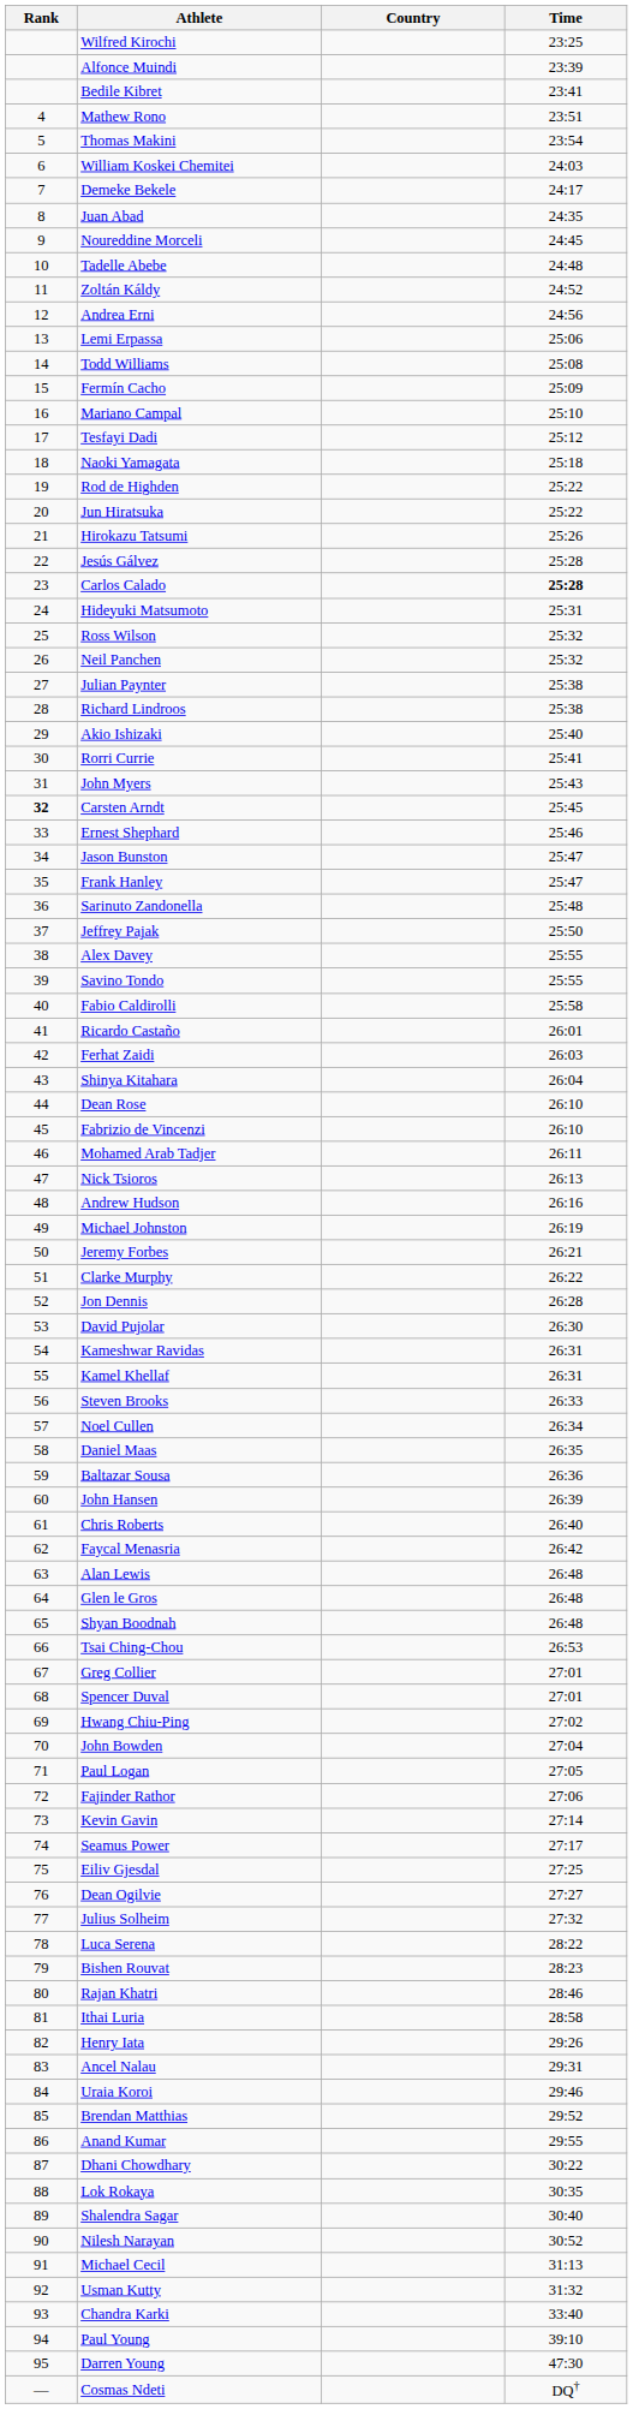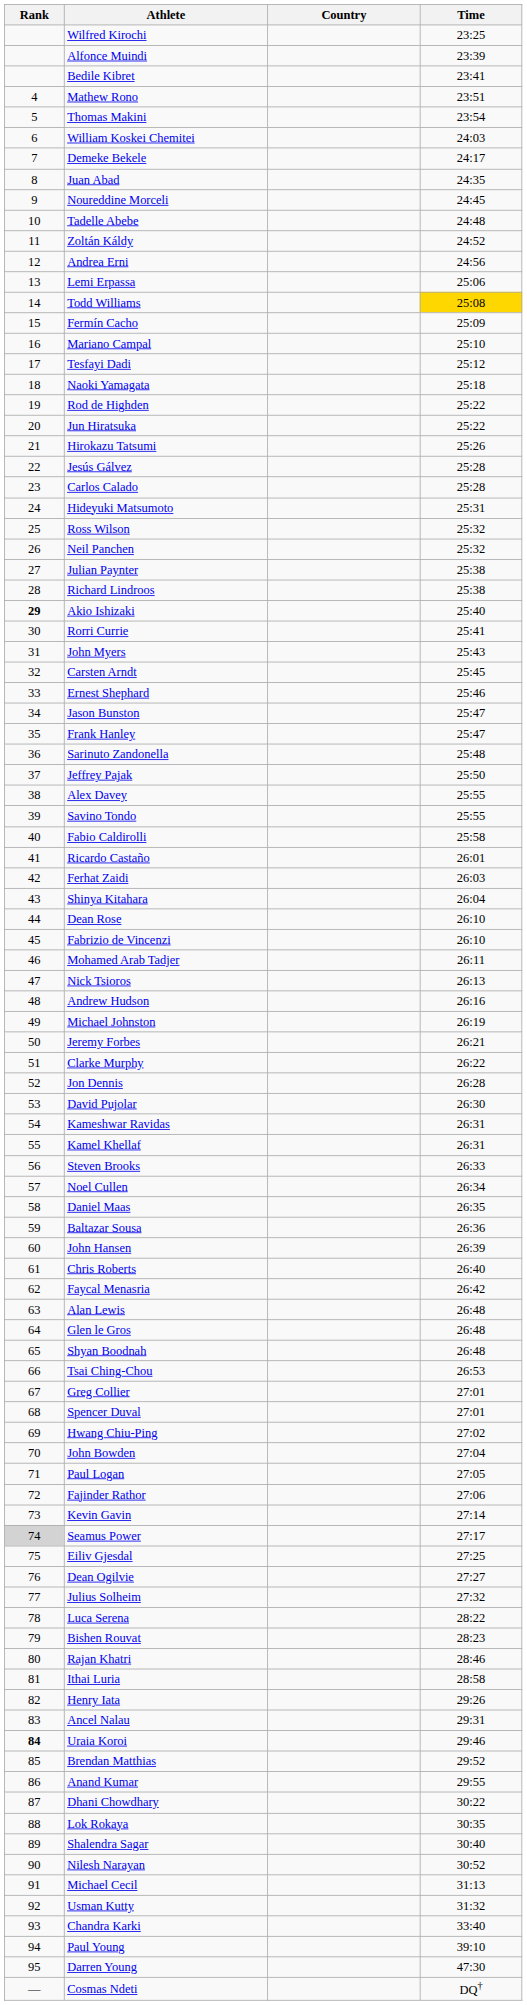 <table class="wikitable sortable" style=" text-align:center; font-size:95%;" width="50%">
 <tr>
 <th width=5%>Rank</th>
 <th width=20%>Athlete</th>
 <th width=15%>Country</th>
 <th width=10%>Time</th>
 </tr>
 <tr>
 <td align=center></td>
 <td align=left><a href='#'>Wilfred Kirochi</a></td>
 <td align=left></td>
 <td>23:25</td>
 </tr>
 <tr>
 <td align=center></td>
 <td align=left><a href='#'>Alfonce Muindi</a></td>
 <td align=left></td>
 <td>23:39</td>
 </tr>
 <tr>
 <td align=center></td>
 <td align=left><a href='#'>Bedile Kibret</a></td>
 <td align=left></td>
 <td>23:41</td>
 </tr>
 <tr>
 <td align=center>4</td>
 <td align=left><a href='#'>Mathew Rono</a></td>
 <td align=left></td>
 <td>23:51</td>
 </tr>
 <tr>
 <td align=center>5</td>
 <td align=left><a href='#'>Thomas Makini</a></td>
 <td align=left></td>
 <td>23:54</td>
 </tr>
 <tr>
 <td align=center>6</td>
 <td align=left><a href='#'>William Koskei Chemitei</a></td>
 <td align=left></td>
 <td>24:03</td>
 </tr>
 <tr>
 <td align=center>7</td>
 <td align=left><a href='#'>Demeke Bekele</a></td>
 <td align=left></td>
 <td>24:17</td>
 </tr>
 <tr>
 <td align=center>8</td>
 <td align=left><a href='#'>Juan Abad</a></td>
 <td align=left></td>
 <td>24:35</td>
 </tr>
 <tr>
 <td align=center>9</td>
 <td align=left><a href='#'>Noureddine Morceli</a></td>
 <td align=left></td>
 <td>24:45</td>
 </tr>
 <tr>
 <td align=center>10</td>
 <td align=left><a href='#'>Tadelle Abebe</a></td>
 <td align=left></td>
 <td>24:48</td>
 </tr>
 <tr>
 <td align=center>11</td>
 <td align=left><a href='#'>Zoltán Káldy</a></td>
 <td align=left></td>
 <td>24:52</td>
 </tr>
 <tr>
 <td align=center>12</td>
 <td align=left><a href='#'>Andrea Erni</a></td>
 <td align=left></td>
 <td>24:56</td>
 </tr>
 <tr>
 <td align=center>13</td>
 <td align=left><a href='#'>Lemi Erpassa</a></td>
 <td align=left></td>
 <td>25:06</td>
 </tr>
 <tr>
 <td align=center>14</td>
 <td align=left><a href='#'>Todd Williams</a></td>
 <td align=left></td>
-<td>25:08</td>
+<td style="background: gold;">25:08</td>
 </tr>
 <tr>
 <td align=center>15</td>
 <td align=left><a href='#'>Fermín Cacho</a></td>
 <td align=left></td>
 <td>25:09</td>
 </tr>
 <tr>
 <td align=center>16</td>
 <td align=left><a href='#'>Mariano Campal</a></td>
 <td align=left></td>
 <td>25:10</td>
 </tr>
 <tr>
 <td align=center>17</td>
 <td align=left><a href='#'>Tesfayi Dadi</a></td>
 <td align=left></td>
 <td>25:12</td>
 </tr>
 <tr>
 <td align=center>18</td>
 <td align=left><a href='#'>Naoki Yamagata</a></td>
 <td align=left></td>
 <td>25:18</td>
 </tr>
 <tr>
 <td align=center>19</td>
 <td align=left><a href='#'>Rod de Highden</a></td>
 <td align=left></td>
 <td>25:22</td>
 </tr>
 <tr>
 <td align=center>20</td>
 <td align=left><a href='#'>Jun Hiratsuka</a></td>
 <td align=left></td>
 <td>25:22</td>
 </tr>
 <tr>
 <td align=center>21</td>
 <td align=left><a href='#'>Hirokazu Tatsumi</a></td>
 <td align=left></td>
 <td>25:26</td>
 </tr>
 <tr>
 <td align=center>22</td>
 <td align=left><a href='#'>Jesús Gálvez</a></td>
 <td align=left></td>
 <td>25:28</td>
 </tr>
 <tr>
 <td align=center>23</td>
 <td align=left><a href='#'>Carlos Calado</a></td>
 <td align=left></td>
-<td><strong>25:28</strong></td>
+<td>25:28</td>
 </tr>
 <tr>
 <td align=center>24</td>
 <td align=left><a href='#'>Hideyuki Matsumoto</a></td>
 <td align=left></td>
 <td>25:31</td>
 </tr>
 <tr>
 <td align=center>25</td>
 <td align=left><a href='#'>Ross Wilson</a></td>
 <td align=left></td>
 <td>25:32</td>
 </tr>
 <tr>
 <td align=center>26</td>
 <td align=left><a href='#'>Neil Panchen</a></td>
 <td align=left></td>
 <td>25:32</td>
 </tr>
 <tr>
 <td align=center>27</td>
 <td align=left><a href='#'>Julian Paynter</a></td>
 <td align=left></td>
 <td>25:38</td>
 </tr>
 <tr>
 <td align=center>28</td>
 <td align=left><a href='#'>Richard Lindroos</a></td>
 <td align=left></td>
 <td>25:38</td>
 </tr>
 <tr>
-<td align=center>29</td>
+<td align=center><strong>29</strong></td>
 <td align=left><a href='#'>Akio Ishizaki</a></td>
 <td align=left></td>
 <td>25:40</td>
 </tr>
 <tr>
 <td align=center>30</td>
 <td align=left><a href='#'>Rorri Currie</a></td>
 <td align=left></td>
 <td>25:41</td>
 </tr>
 <tr>
 <td align=center>31</td>
 <td align=left><a href='#'>John Myers</a></td>
 <td align=left></td>
 <td>25:43</td>
 </tr>
 <tr>
-<td align=center><strong>32</strong></td>
+<td align=center>32</td>
 <td align=left><a href='#'>Carsten Arndt</a></td>
 <td align=left></td>
 <td>25:45</td>
 </tr>
 <tr>
 <td align=center>33</td>
 <td align=left><a href='#'>Ernest Shephard</a></td>
 <td align=left></td>
 <td>25:46</td>
 </tr>
 <tr>
 <td align=center>34</td>
 <td align=left><a href='#'>Jason Bunston</a></td>
 <td align=left></td>
 <td>25:47</td>
 </tr>
 <tr>
 <td align=center>35</td>
 <td align=left><a href='#'>Frank Hanley</a></td>
 <td align=left></td>
 <td>25:47</td>
 </tr>
 <tr>
 <td align=center>36</td>
 <td align=left><a href='#'>Sarinuto Zandonella</a></td>
 <td align=left></td>
 <td>25:48</td>
 </tr>
 <tr>
 <td align=center>37</td>
 <td align=left><a href='#'>Jeffrey Pajak</a></td>
 <td align=left></td>
 <td>25:50</td>
 </tr>
 <tr>
 <td align=center>38</td>
 <td align=left><a href='#'>Alex Davey</a></td>
 <td align=left></td>
 <td>25:55</td>
 </tr>
 <tr>
 <td align=center>39</td>
 <td align=left><a href='#'>Savino Tondo</a></td>
 <td align=left></td>
 <td>25:55</td>
 </tr>
 <tr>
 <td align=center>40</td>
 <td align=left><a href='#'>Fabio Caldirolli</a></td>
 <td align=left></td>
 <td>25:58</td>
 </tr>
 <tr>
 <td align=center>41</td>
 <td align=left><a href='#'>Ricardo Castaño</a></td>
 <td align=left></td>
 <td>26:01</td>
 </tr>
 <tr>
 <td align=center>42</td>
 <td align=left><a href='#'>Ferhat Zaidi</a></td>
 <td align=left></td>
 <td>26:03</td>
 </tr>
 <tr>
 <td align=center>43</td>
 <td align=left><a href='#'>Shinya Kitahara</a></td>
 <td align=left></td>
 <td>26:04</td>
 </tr>
 <tr>
 <td align=center>44</td>
 <td align=left><a href='#'>Dean Rose</a></td>
 <td align=left></td>
 <td>26:10</td>
 </tr>
 <tr>
 <td align=center>45</td>
 <td align=left><a href='#'>Fabrizio de Vincenzi</a></td>
 <td align=left></td>
 <td>26:10</td>
 </tr>
 <tr>
 <td align=center>46</td>
 <td align=left><a href='#'>Mohamed Arab Tadjer</a></td>
 <td align=left></td>
 <td>26:11</td>
 </tr>
 <tr>
 <td align=center>47</td>
 <td align=left><a href='#'>Nick Tsioros</a></td>
 <td align=left></td>
 <td>26:13</td>
 </tr>
 <tr>
 <td align=center>48</td>
 <td align=left><a href='#'>Andrew Hudson</a></td>
 <td align=left></td>
 <td>26:16</td>
 </tr>
 <tr>
 <td align=center>49</td>
 <td align=left><a href='#'>Michael Johnston</a></td>
 <td align=left></td>
 <td>26:19</td>
 </tr>
 <tr>
 <td align=center>50</td>
 <td align=left><a href='#'>Jeremy Forbes</a></td>
 <td align=left></td>
 <td>26:21</td>
 </tr>
 <tr>
 <td align=center>51</td>
 <td align=left><a href='#'>Clarke Murphy</a></td>
 <td align=left></td>
 <td>26:22</td>
 </tr>
 <tr>
 <td align=center>52</td>
 <td align=left><a href='#'>Jon Dennis</a></td>
 <td align=left></td>
 <td>26:28</td>
 </tr>
 <tr>
 <td align=center>53</td>
 <td align=left><a href='#'>David Pujolar</a></td>
 <td align=left></td>
 <td>26:30</td>
 </tr>
 <tr>
 <td align=center>54</td>
 <td align=left><a href='#'>Kameshwar Ravidas</a></td>
 <td align=left></td>
 <td>26:31</td>
 </tr>
 <tr>
 <td align=center>55</td>
 <td align=left><a href='#'>Kamel Khellaf</a></td>
 <td align=left></td>
 <td>26:31</td>
 </tr>
 <tr>
 <td align=center>56</td>
 <td align=left><a href='#'>Steven Brooks</a></td>
 <td align=left></td>
 <td>26:33</td>
 </tr>
 <tr>
 <td align=center>57</td>
 <td align=left><a href='#'>Noel Cullen</a></td>
 <td align=left></td>
 <td>26:34</td>
 </tr>
 <tr>
 <td align=center>58</td>
 <td align=left><a href='#'>Daniel Maas</a></td>
 <td align=left></td>
 <td>26:35</td>
 </tr>
 <tr>
 <td align=center>59</td>
 <td align=left><a href='#'>Baltazar Sousa</a></td>
 <td align=left></td>
 <td>26:36</td>
 </tr>
 <tr>
 <td align=center>60</td>
 <td align=left><a href='#'>John Hansen</a></td>
 <td align=left></td>
 <td>26:39</td>
 </tr>
 <tr>
 <td align=center>61</td>
 <td align=left><a href='#'>Chris Roberts</a></td>
 <td align=left></td>
 <td>26:40</td>
 </tr>
 <tr>
 <td align=center>62</td>
 <td align=left><a href='#'>Faycal Menasria</a></td>
 <td align=left></td>
 <td>26:42</td>
 </tr>
 <tr>
 <td align=center>63</td>
 <td align=left><a href='#'>Alan Lewis</a></td>
 <td align=left></td>
 <td>26:48</td>
 </tr>
 <tr>
 <td align=center>64</td>
 <td align=left><a href='#'>Glen le Gros</a></td>
 <td align=left></td>
 <td>26:48</td>
 </tr>
 <tr>
 <td align=center>65</td>
 <td align=left><a href='#'>Shyan Boodnah</a></td>
 <td align=left></td>
 <td>26:48</td>
 </tr>
 <tr>
 <td align=center>66</td>
 <td align=left><a href='#'>Tsai Ching-Chou</a></td>
 <td align=left></td>
 <td>26:53</td>
 </tr>
 <tr>
 <td align=center>67</td>
 <td align=left><a href='#'>Greg Collier</a></td>
 <td align=left></td>
 <td>27:01</td>
 </tr>
 <tr>
 <td align=center>68</td>
 <td align=left><a href='#'>Spencer Duval</a></td>
 <td align=left></td>
 <td>27:01</td>
 </tr>
 <tr>
 <td align=center>69</td>
 <td align=left><a href='#'>Hwang Chiu-Ping</a></td>
 <td align=left></td>
 <td>27:02</td>
 </tr>
 <tr>
 <td align=center>70</td>
 <td align=left><a href='#'>John Bowden</a></td>
 <td align=left></td>
 <td>27:04</td>
 </tr>
 <tr>
 <td align=center>71</td>
 <td align=left><a href='#'>Paul Logan</a></td>
 <td align=left></td>
 <td>27:05</td>
 </tr>
 <tr>
 <td align=center>72</td>
 <td align=left><a href='#'>Fajinder Rathor</a></td>
 <td align=left></td>
 <td>27:06</td>
 </tr>
 <tr>
 <td align=center>73</td>
 <td align=left><a href='#'>Kevin Gavin</a></td>
 <td align=left></td>
 <td>27:14</td>
 </tr>
 <tr>
-<td align=center>74</td>
+<td align=center style="background: lightgrey;">74</td>
 <td align=left><a href='#'>Seamus Power</a></td>
 <td align=left></td>
 <td>27:17</td>
 </tr>
 <tr>
 <td align=center>75</td>
 <td align=left><a href='#'>Eiliv Gjesdal</a></td>
 <td align=left></td>
 <td>27:25</td>
 </tr>
 <tr>
 <td align=center>76</td>
 <td align=left><a href='#'>Dean Ogilvie</a></td>
 <td align=left></td>
 <td>27:27</td>
 </tr>
 <tr>
 <td align=center>77</td>
 <td align=left><a href='#'>Julius Solheim</a></td>
 <td align=left></td>
 <td>27:32</td>
 </tr>
 <tr>
 <td align=center>78</td>
 <td align=left><a href='#'>Luca Serena</a></td>
 <td align=left></td>
 <td>28:22</td>
 </tr>
 <tr>
 <td align=center>79</td>
 <td align=left><a href='#'>Bishen Rouvat</a></td>
 <td align=left></td>
 <td>28:23</td>
 </tr>
 <tr>
 <td align=center>80</td>
 <td align=left><a href='#'>Rajan Khatri</a></td>
 <td align=left></td>
 <td>28:46</td>
 </tr>
 <tr>
 <td align=center>81</td>
 <td align=left><a href='#'>Ithai Luria</a></td>
 <td align=left></td>
 <td>28:58</td>
 </tr>
 <tr>
 <td align=center>82</td>
 <td align=left><a href='#'>Henry Iata</a></td>
 <td align=left></td>
 <td>29:26</td>
 </tr>
 <tr>
 <td align=center>83</td>
 <td align=left><a href='#'>Ancel Nalau</a></td>
 <td align=left></td>
 <td>29:31</td>
 </tr>
 <tr>
-<td align=center>84</td>
+<td align=center><strong>84</strong></td>
 <td align=left><a href='#'>Uraia Koroi</a></td>
 <td align=left></td>
 <td>29:46</td>
 </tr>
 <tr>
 <td align=center>85</td>
 <td align=left><a href='#'>Brendan Matthias</a></td>
 <td align=left></td>
 <td>29:52</td>
 </tr>
 <tr>
 <td align=center>86</td>
 <td align=left><a href='#'>Anand Kumar</a></td>
 <td align=left></td>
 <td>29:55</td>
 </tr>
 <tr>
 <td align=center>87</td>
 <td align=left><a href='#'>Dhani Chowdhary</a></td>
 <td align=left></td>
 <td>30:22</td>
 </tr>
 <tr>
 <td align=center>88</td>
 <td align=left><a href='#'>Lok Rokaya</a></td>
 <td align=left></td>
 <td>30:35</td>
 </tr>
 <tr>
 <td align=center>89</td>
 <td align=left><a href='#'>Shalendra Sagar</a></td>
 <td align=left></td>
 <td>30:40</td>
 </tr>
 <tr>
 <td align=center>90</td>
 <td align=left><a href='#'>Nilesh Narayan</a></td>
 <td align=left></td>
 <td>30:52</td>
 </tr>
 <tr>
 <td align=center>91</td>
 <td align=left><a href='#'>Michael Cecil</a></td>
 <td align=left></td>
 <td>31:13</td>
 </tr>
 <tr>
 <td align=center>92</td>
 <td align=left><a href='#'>Usman Kutty</a></td>
 <td align=left></td>
 <td>31:32</td>
 </tr>
 <tr>
 <td align=center>93</td>
 <td align=left><a href='#'>Chandra Karki</a></td>
 <td align=left></td>
 <td>33:40</td>
 </tr>
 <tr>
 <td align=center>94</td>
 <td align=left><a href='#'>Paul Young</a></td>
 <td align=left></td>
 <td>39:10</td>
 </tr>
 <tr>
 <td align=center>95</td>
 <td align=left><a href='#'>Darren Young</a></td>
 <td align=left></td>
 <td>47:30</td>
 </tr>
 <tr>
 <td align=center>—</td>
 <td align=left><a href='#'>Cosmas Ndeti</a></td>
 <td align=left></td>
 <td>DQ<sup>†</sup></td>
 </tr>
 </table>
